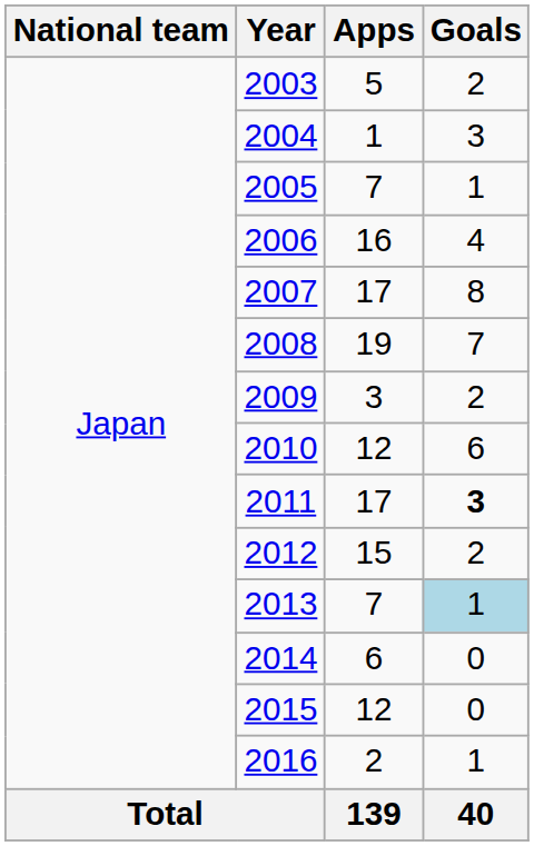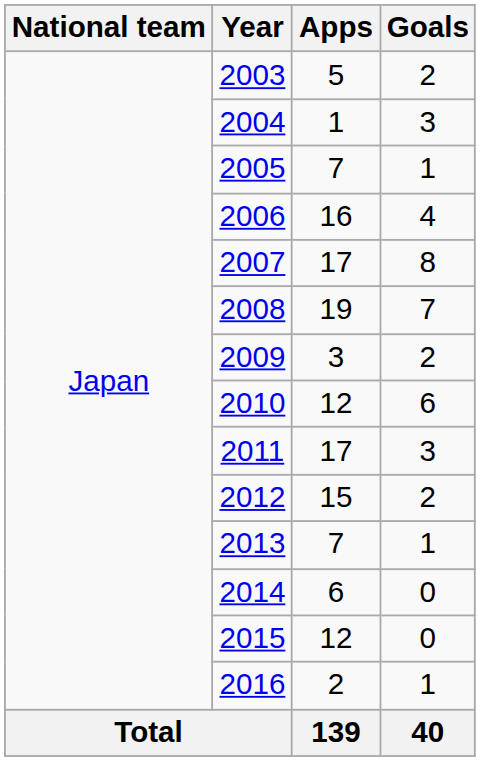 <table class="wikitable" style="text-align:center">
 <tr>
 <th>National team</th>
 <th>Year</th>
 <th>Apps</th>
 <th>Goals</th>
 </tr>
 <tr>
 <td rowspan="14"><a href='#'>Japan</a></td>
 <td><a href='#'>2003</a></td>
 <td>5</td>
 <td>2</td>
 </tr>
 <tr>
 <td><a href='#'>2004</a></td>
 <td>1</td>
 <td>3</td>
 </tr>
 <tr>
 <td><a href='#'>2005</a></td>
 <td>7</td>
 <td>1</td>
 </tr>
 <tr>
 <td><a href='#'>2006</a></td>
 <td>16</td>
 <td>4</td>
 </tr>
 <tr>
 <td><a href='#'>2007</a></td>
 <td>17</td>
 <td>8</td>
 </tr>
 <tr>
 <td><a href='#'>2008</a></td>
 <td>19</td>
 <td>7</td>
 </tr>
 <tr>
 <td><a href='#'>2009</a></td>
 <td>3</td>
 <td>2</td>
 </tr>
 <tr>
 <td><a href='#'>2010</a></td>
 <td>12</td>
 <td>6</td>
 </tr>
 <tr>
 <td><a href='#'>2011</a></td>
 <td>17</td>
-<td><strong>3</strong></td>
+<td>3</td>
 </tr>
 <tr>
 <td><a href='#'>2012</a></td>
 <td>15</td>
 <td>2</td>
 </tr>
 <tr>
 <td><a href='#'>2013</a></td>
 <td>7</td>
-<td style="background: lightblue;">1</td>
+<td>1</td>
 </tr>
 <tr>
 <td><a href='#'>2014</a></td>
 <td>6</td>
 <td>0</td>
 </tr>
 <tr>
 <td><a href='#'>2015</a></td>
 <td>12</td>
 <td>0</td>
 </tr>
 <tr>
 <td><a href='#'>2016</a></td>
 <td>2</td>
 <td>1</td>
 </tr>
 <tr>
 <th colspan="2">Total</th>
 <th>139</th>
 <th>40</th>
 </tr>
 </table>
